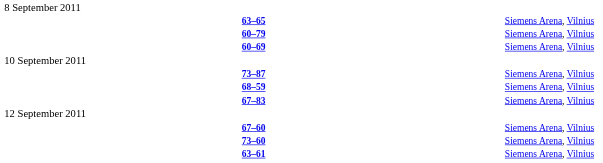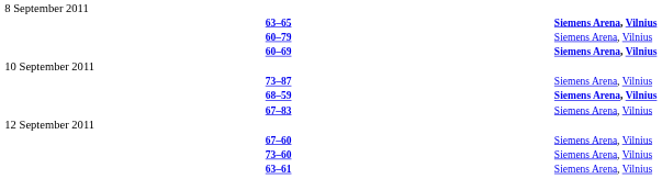 <table style="width:100%;" cellspacing="1">
 <tr>
 <th width=25%></th>
 <th width=10%></th>
 <th width=25%></th>
 </tr>
 <tr>
 <td>8 September 2011</td>
 </tr>
 <tr style=font-size:90%>
 <td align=right><strong></strong></td>
 <td align=center><strong> <a href='#'>63–65</a> </strong></td>
 <td><strong></strong></td>
-<td><a href='#'>Siemens Arena</a>, <a href='#'>Vilnius</a></td>
+<td><strong><a href='#'>Siemens Arena</a>, <a href='#'>Vilnius</a></strong></td>
 </tr>
 <tr style=font-size:90%>
 <td align=right><strong></strong></td>
 <td align=center><strong> <a href='#'>60–79</a> </strong></td>
 <td><strong></strong></td>
 <td><a href='#'>Siemens Arena</a>, <a href='#'>Vilnius</a></td>
 </tr>
 <tr style=font-size:90%>
 <td align=right><strong></strong></td>
 <td align=center><strong> <a href='#'>60–69</a> </strong></td>
 <td><strong></strong></td>
-<td><a href='#'>Siemens Arena</a>, <a href='#'>Vilnius</a></td>
+<td><strong><a href='#'>Siemens Arena</a>, <a href='#'>Vilnius</a></strong></td>
 </tr>
 <tr>
 <td>10 September 2011</td>
 </tr>
 <tr style=font-size:90%>
 <td align=right><strong></strong></td>
 <td align=center><strong> <a href='#'>73–87</a> </strong></td>
 <td><strong></strong></td>
 <td><a href='#'>Siemens Arena</a>, <a href='#'>Vilnius</a></td>
 </tr>
 <tr style=font-size:90%>
 <td align=right><strong></strong></td>
 <td align=center><strong> <a href='#'>68–59</a> </strong></td>
 <td><strong></strong></td>
-<td><a href='#'>Siemens Arena</a>, <a href='#'>Vilnius</a></td>
+<td><strong><a href='#'>Siemens Arena</a>, <a href='#'>Vilnius</a></strong></td>
 </tr>
 <tr style=font-size:90%>
 <td align=right><strong></strong></td>
 <td align=center><strong> <a href='#'>67–83</a> </strong></td>
 <td><strong></strong></td>
 <td><a href='#'>Siemens Arena</a>, <a href='#'>Vilnius</a></td>
 </tr>
 <tr>
 <td>12 September 2011</td>
 </tr>
 <tr style=font-size:90%>
 <td align=right><strong></strong></td>
 <td align=center><strong> <a href='#'>67–60</a> </strong></td>
 <td><strong></strong></td>
 <td><a href='#'>Siemens Arena</a>, <a href='#'>Vilnius</a></td>
 </tr>
 <tr style=font-size:90%>
 <td align=right><strong></strong></td>
 <td align=center><strong> <a href='#'>73–60</a> </strong></td>
 <td><strong></strong></td>
 <td><a href='#'>Siemens Arena</a>, <a href='#'>Vilnius</a></td>
 </tr>
 <tr style=font-size:90%>
 <td align=right><strong></strong></td>
 <td align=center><strong> <a href='#'>63–61</a> </strong></td>
 <td><strong></strong></td>
 <td><a href='#'>Siemens Arena</a>, <a href='#'>Vilnius</a></td>
 </tr>
 </table>
